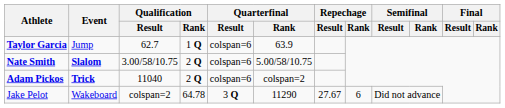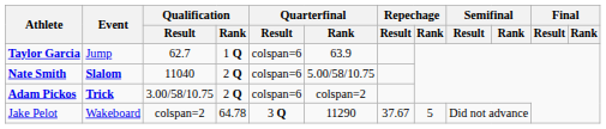 <table class=wikitable style=font-size:90%;text-align:center>
 <tr>
 <th rowspan=2>Athlete</th>
 <th rowspan=2>Event</th>
 <th colspan=2>Qualification</th>
 <th colspan=2>Quarterfinal</th>
 <th colspan=2>Repechage</th>
 <th colspan=2>Semifinal</th>
 <th colspan=2>Final</th>
 </tr>
 <tr style=font-size:95%>
 <th>Result</th>
 <th>Rank</th>
 <th>Result</th>
 <th>Rank</th>
 <th>Result</th>
 <th>Rank</th>
 <th>Result</th>
 <th>Rank</th>
 <th>Result</th>
 <th>Rank</th>
 </tr>
 <tr>
 <td align=left><strong><a href='#'>Taylor Garcia</a></strong></td>
 <td align=left><a href='#'>Jump</a></td>
 <td>62.7</td>
 <td>1 <strong>Q</strong></td>
 <td>colspan=6 </td>
 <td>63.9</td>
 <td></td>
 </tr>
 <tr>
 <td align=left><strong><a href='#'>Nate Smith</a></strong></td>
 <td align=left><strong><a href='#'>Slalom</a></strong></td>
-<td>3.00/58/10.75</td>
+<td>11040</td>
 <td>2 <strong>Q</strong></td>
 <td>colspan=6 </td>
 <td>5.00/58/10.75</td>
 <td></td>
 </tr>
 <tr>
 <td align=left><strong><a href='#'>Adam Pickos</a></strong></td>
 <td align=left><strong><a href='#'>Trick</a></strong></td>
-<td>11040</td>
+<td>3.00/58/10.75</td>
 <td>2 <strong>Q</strong></td>
 <td>colspan=6 </td>
 <td>colspan=2 </td>
 <td></td>
 </tr>
 <tr>
 <td align=left><a href='#'>Jake Pelot</a></td>
 <td align=left><a href='#'>Wakeboard</a></td>
 <td>colspan=2 </td>
 <td>64.78</td>
 <td>3 <strong>Q</strong></td>
 <td>11290</td>
-<td>27.67</td>
-<td>6</td>
+<td>37.67</td>
+<td>5</td>
 <td colspan=2>Did not advance</td>
 </tr>
 </table>
